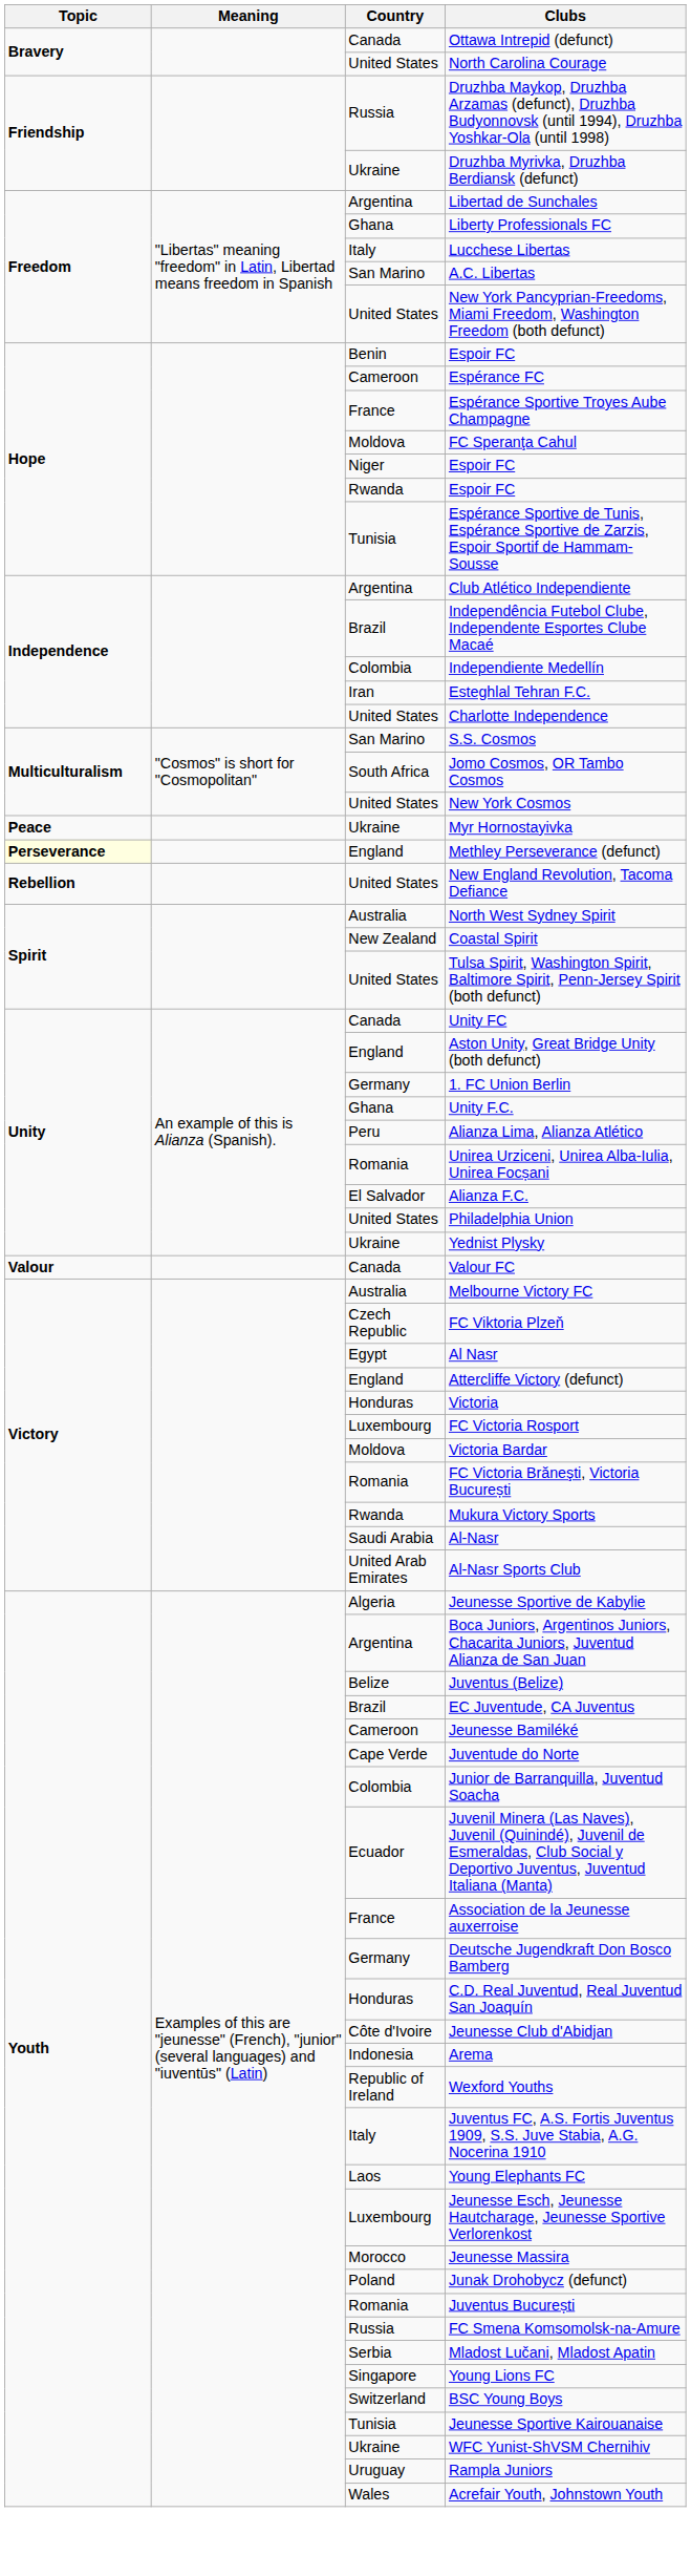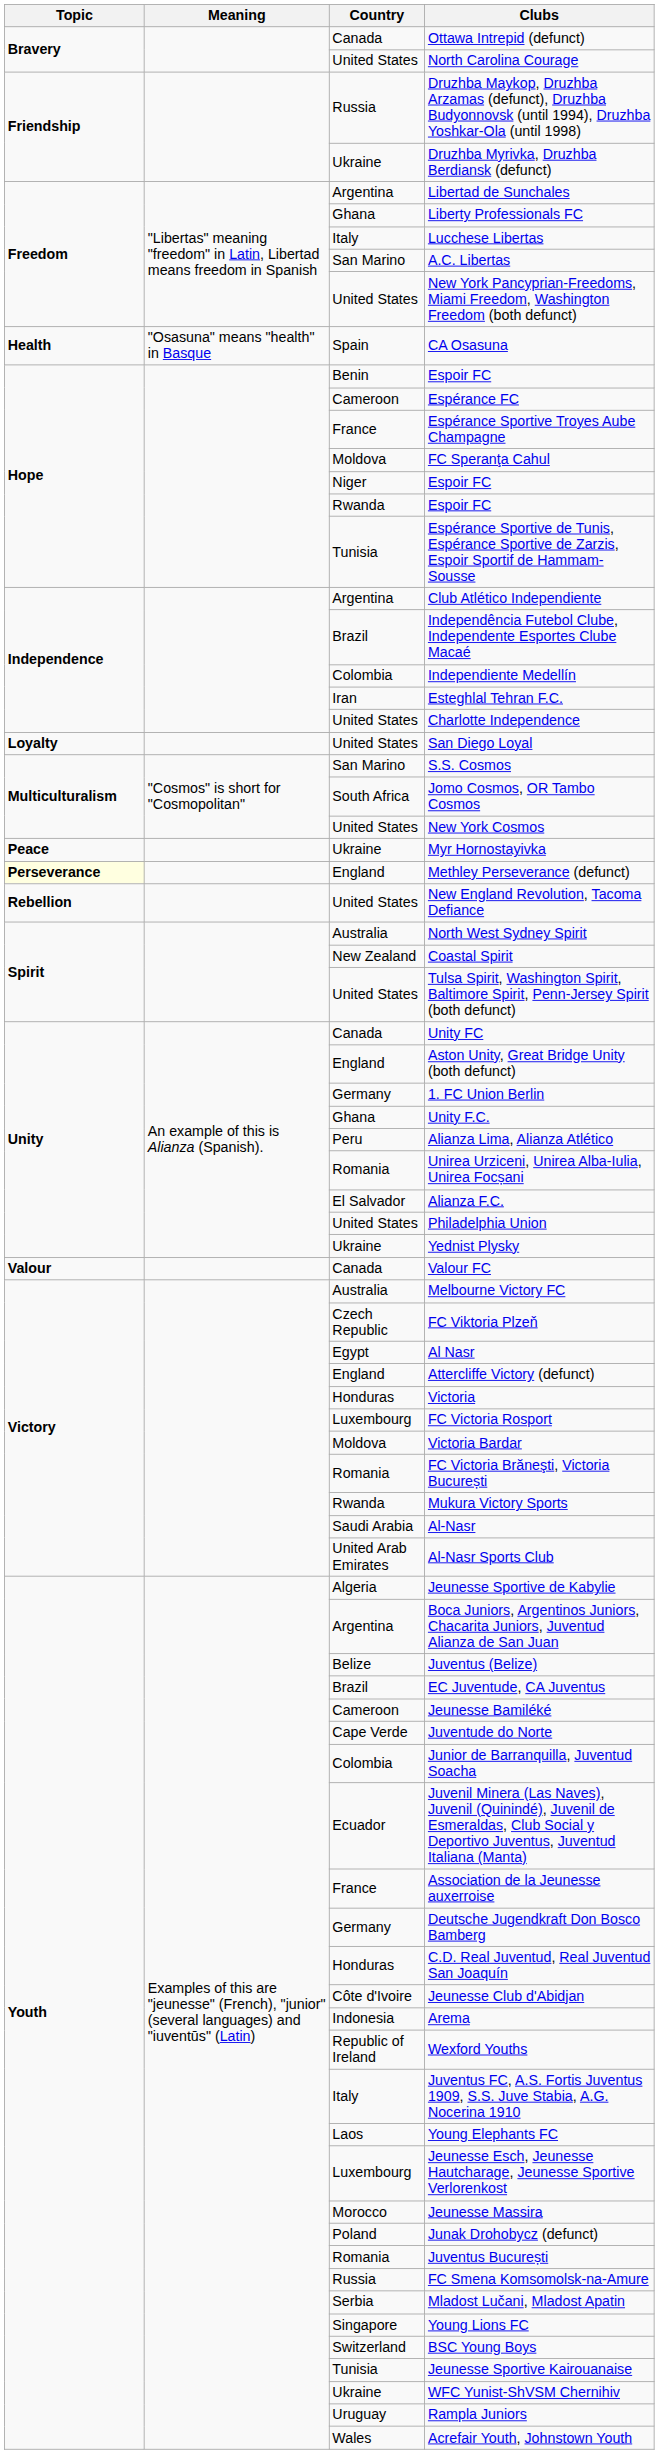 <table class="wikitable">
 <tr>
 <th width="150">Topic</th>
 <th width="200">Meaning</th>
 <th width="100">Country</th>
 <th width="250">Clubs</th>
 </tr>
 <tr>
 <td rowspan=2><strong>Bravery</strong></td>
 <td rowspan=2></td>
 <td> Canada</td>
 <td><a href='#'>Ottawa Intrepid</a> (defunct)</td>
 </tr>
 <tr>
 <td> United States</td>
 <td><a href='#'>North Carolina Courage</a></td>
 </tr>
 <tr>
 <td rowspan=2><strong>Friendship</strong></td>
 <td rowspan=2></td>
 <td> Russia</td>
 <td><a href='#'>Druzhba Maykop</a>, <a href='#'>Druzhba Arzamas</a> (defunct), <a href='#'>Druzhba Budyonnovsk</a> (until 1994), <a href='#'>Druzhba Yoshkar-Ola</a> (until 1998)</td>
 </tr>
 <tr>
 <td> Ukraine</td>
 <td><a href='#'>Druzhba Myrivka</a>, <a href='#'>Druzhba Berdiansk</a> (defunct)</td>
 </tr>
 <tr>
 <td rowspan="5"><strong>Freedom</strong></td>
 <td rowspan="5">"Libertas" meaning "freedom" in <a href='#'>Latin</a>, Libertad means freedom in Spanish</td>
 <td> Argentina</td>
 <td><a href='#'>Libertad de Sunchales</a></td>
 </tr>
 <tr>
 <td> Ghana</td>
 <td><a href='#'>Liberty Professionals FC</a></td>
 </tr>
 <tr>
 <td> Italy</td>
 <td><a href='#'>Lucchese Libertas</a></td>
 </tr>
 <tr>
 <td> San Marino</td>
 <td><a href='#'>A.C. Libertas</a></td>
 </tr>
 <tr>
 <td> United States</td>
 <td><a href='#'>New York Pancyprian-Freedoms</a>, <a href='#'>Miami Freedom</a>, <a href='#'>Washington Freedom</a> (both defunct)</td>
+</tr>
+<tr>
+<td><strong>Health</strong></td>
+<td>"Osasuna" means "health" in <a href='#'>Basque</a></td>
+<td> Spain</td>
+<td><a href='#'>CA Osasuna</a></td>
 </tr>
 <tr>
 <td rowspan="7"><strong>Hope</strong></td>
 <td rowspan="7"></td>
 <td> Benin</td>
 <td><a href='#'>Espoir FC</a></td>
 </tr>
 <tr>
 <td> Cameroon</td>
 <td><a href='#'>Espérance FC</a></td>
 </tr>
 <tr>
 <td> France</td>
 <td><a href='#'>Espérance Sportive Troyes Aube Champagne</a></td>
 </tr>
 <tr>
 <td> Moldova</td>
 <td><a href='#'>FC Speranţa Cahul</a></td>
 </tr>
 <tr>
 <td> Niger</td>
 <td><a href='#'>Espoir FC</a></td>
 </tr>
 <tr>
 <td> Rwanda</td>
 <td><a href='#'>Espoir FC</a></td>
 </tr>
 <tr>
 <td> Tunisia</td>
 <td><a href='#'>Espérance Sportive de Tunis</a>, <a href='#'>Espérance Sportive de Zarzis</a>, <a href='#'>Espoir Sportif de Hammam-Sousse</a></td>
 </tr>
 <tr>
 <td rowspan="5"><strong>Independence</strong></td>
 <td rowspan="5"></td>
 <td> Argentina</td>
 <td><a href='#'>Club Atlético Independiente</a></td>
 </tr>
 <tr>
 <td> Brazil</td>
 <td><a href='#'>Independência Futebol Clube</a>, <a href='#'>Independente Esportes Clube Macaé</a></td>
 </tr>
 <tr>
 <td> Colombia</td>
 <td><a href='#'>Independiente Medellín</a></td>
 </tr>
 <tr>
 <td> Iran</td>
 <td><a href='#'>Esteghlal Tehran F.C.</a></td>
 </tr>
 <tr>
 <td> United States</td>
 <td><a href='#'>Charlotte Independence</a></td>
+</tr>
+<tr>
+<td><strong>Loyalty</strong></td>
+<td></td>
+<td> United States</td>
+<td><a href='#'>San Diego Loyal</a></td>
 </tr>
 <tr>
 <td rowspan="3"><strong>Multiculturalism</strong></td>
 <td rowspan="3">"Cosmos" is short for "Cosmopolitan"</td>
 <td> San Marino</td>
 <td><a href='#'>S.S. Cosmos</a></td>
 </tr>
 <tr>
 <td> South Africa</td>
 <td><a href='#'>Jomo Cosmos</a>, <a href='#'>OR Tambo Cosmos</a></td>
 </tr>
 <tr>
 <td> United States</td>
 <td><a href='#'>New York Cosmos</a></td>
 </tr>
 <tr>
 <td><strong>Peace</strong></td>
 <td></td>
 <td> Ukraine</td>
 <td><a href='#'>Myr Hornostayivka</a></td>
 </tr>
 <tr>
 <td style="background: lightyellow;"><strong>Perseverance</strong></td>
 <td></td>
 <td> England</td>
 <td><a href='#'>Methley Perseverance</a> (defunct)</td>
 </tr>
 <tr>
 <td><strong>Rebellion</strong></td>
 <td></td>
 <td> United States</td>
 <td><a href='#'>New England Revolution</a>, <a href='#'>Tacoma Defiance</a></td>
 </tr>
 <tr>
 <td rowspan="3"><strong>Spirit</strong></td>
 <td rowspan="3"></td>
 <td> Australia</td>
 <td><a href='#'>North West Sydney Spirit</a></td>
 </tr>
 <tr>
 <td> New Zealand</td>
 <td><a href='#'>Coastal Spirit</a></td>
 </tr>
 <tr>
 <td> United States</td>
 <td><a href='#'>Tulsa Spirit</a>, <a href='#'>Washington Spirit</a>, <a href='#'>Baltimore Spirit</a>, <a href='#'>Penn-Jersey Spirit</a> (both defunct)</td>
 </tr>
 <tr>
 <td rowspan="9"><strong>Unity</strong></td>
 <td rowspan="9">An example of this is <em>Alianza</em> (Spanish).</td>
 <td> Canada</td>
 <td><a href='#'>Unity FC</a></td>
 </tr>
 <tr>
 <td> England</td>
 <td><a href='#'>Aston Unity</a>, <a href='#'>Great Bridge Unity</a> (both defunct)</td>
 </tr>
 <tr>
 <td> Germany</td>
 <td><a href='#'>1. FC Union Berlin</a></td>
 </tr>
 <tr>
 <td> Ghana</td>
 <td><a href='#'>Unity F.C.</a></td>
 </tr>
 <tr>
 <td> Peru</td>
 <td><a href='#'>Alianza Lima</a>, <a href='#'>Alianza Atlético</a></td>
 </tr>
 <tr>
 <td> Romania</td>
 <td><a href='#'>Unirea Urziceni</a>, <a href='#'>Unirea Alba-Iulia</a>, <a href='#'>Unirea Focșani</a></td>
 </tr>
 <tr>
 <td> El Salvador</td>
 <td><a href='#'>Alianza F.C.</a></td>
 </tr>
 <tr>
 <td> United States</td>
 <td><a href='#'>Philadelphia Union</a></td>
 </tr>
 <tr>
 <td> Ukraine</td>
 <td><a href='#'>Yednist Plysky</a></td>
 </tr>
 <tr>
 <td><strong>Valour</strong></td>
 <td></td>
 <td> Canada</td>
 <td><a href='#'>Valour FC</a></td>
 </tr>
 <tr>
 <td rowspan="11"><strong>Victory</strong></td>
 <td rowspan="11"></td>
 <td> Australia</td>
 <td style="test-align: left"><a href='#'>Melbourne Victory FC</a></td>
 </tr>
 <tr>
 <td> Czech Republic</td>
 <td style="test-align: left"><a href='#'>FC Viktoria Plzeň</a></td>
 </tr>
 <tr>
 <td> Egypt</td>
 <td><a href='#'>Al Nasr</a></td>
 </tr>
 <tr>
 <td> England</td>
 <td><a href='#'>Attercliffe Victory</a> (defunct)</td>
 </tr>
 <tr>
 <td> Honduras</td>
 <td style="test-align: left"><a href='#'>Victoria</a></td>
 </tr>
 <tr>
 <td> Luxembourg</td>
 <td style="test-align: left"><a href='#'>FC Victoria Rosport</a></td>
 </tr>
 <tr>
 <td> Moldova</td>
 <td style="test-align: left"><a href='#'>Victoria Bardar</a></td>
 </tr>
 <tr>
 <td> Romania</td>
 <td style="test-align: left"><a href='#'>FC Victoria Brăneşti</a>, <a href='#'>Victoria București</a></td>
 </tr>
 <tr>
 <td> Rwanda</td>
 <td><a href='#'>Mukura Victory Sports</a></td>
 </tr>
 <tr>
 <td> Saudi Arabia</td>
 <td><a href='#'>Al-Nasr</a></td>
 </tr>
 <tr>
 <td> United Arab Emirates</td>
 <td><a href='#'>Al-Nasr Sports Club</a></td>
 </tr>
 <tr>
 <td rowspan="28"><strong>Youth</strong></td>
 <td rowspan="28">Examples of this are "jeunesse" (French), "junior" (several languages) and "iuventūs" (<a href='#'>Latin</a>)</td>
 <td> Algeria</td>
 <td><a href='#'>Jeunesse Sportive de Kabylie</a></td>
 </tr>
 <tr>
 <td> Argentina</td>
 <td><a href='#'>Boca Juniors</a>, <a href='#'>Argentinos Juniors</a>, <a href='#'>Chacarita Juniors</a>, <a href='#'>Juventud Alianza de San Juan</a></td>
 </tr>
 <tr>
 <td> Belize</td>
 <td><a href='#'>Juventus (Belize)</a></td>
 </tr>
 <tr>
 <td> Brazil</td>
 <td><a href='#'>EC Juventude</a>, <a href='#'>CA Juventus</a></td>
 </tr>
 <tr>
 <td> Cameroon</td>
 <td><a href='#'>Jeunesse Bamiléké</a></td>
 </tr>
 <tr>
 <td> Cape Verde</td>
 <td><a href='#'>Juventude do Norte</a></td>
 </tr>
 <tr>
 <td> Colombia</td>
 <td><a href='#'>Junior de Barranquilla</a>, <a href='#'>Juventud Soacha</a></td>
 </tr>
 <tr>
 <td> Ecuador</td>
 <td><a href='#'>Juvenil Minera (Las Naves)</a>, <a href='#'>Juvenil (Quinindé)</a>, <a href='#'>Juvenil de Esmeraldas</a>, <a href='#'>Club Social y Deportivo Juventus</a>, <a href='#'>Juventud Italiana (Manta)</a></td>
 </tr>
 <tr>
 <td> France</td>
 <td><a href='#'>Association de la Jeunesse auxerroise</a></td>
 </tr>
 <tr>
 <td> Germany</td>
 <td><a href='#'>Deutsche Jugendkraft Don Bosco Bamberg</a></td>
 </tr>
 <tr>
 <td> Honduras</td>
 <td><a href='#'>C.D. Real Juventud</a>, <a href='#'>Real Juventud San Joaquín</a></td>
 </tr>
 <tr>
 <td> Côte d'Ivoire</td>
 <td><a href='#'>Jeunesse Club d'Abidjan</a></td>
 </tr>
 <tr>
 <td> Indonesia</td>
 <td><a href='#'>Arema</a></td>
 </tr>
 <tr>
 <td> Republic of Ireland</td>
 <td><a href='#'>Wexford Youths</a></td>
 </tr>
 <tr>
 <td> Italy</td>
 <td><a href='#'>Juventus FC</a>, <a href='#'>A.S. Fortis Juventus 1909</a>, <a href='#'>S.S. Juve Stabia</a>, <a href='#'>A.G. Nocerina 1910</a></td>
 </tr>
 <tr>
 <td> Laos</td>
 <td><a href='#'>Young Elephants FC</a></td>
 </tr>
 <tr>
 <td> Luxembourg</td>
 <td><a href='#'>Jeunesse Esch</a>, <a href='#'>Jeunesse Hautcharage</a>, <a href='#'>Jeunesse Sportive Verlorenkost</a></td>
 </tr>
 <tr>
 <td> Morocco</td>
 <td><a href='#'>Jeunesse Massira</a></td>
 </tr>
 <tr>
 <td> Poland</td>
 <td><a href='#'>Junak Drohobycz</a> (defunct)</td>
 </tr>
 <tr>
 <td> Romania</td>
 <td><a href='#'>Juventus București</a></td>
 </tr>
 <tr>
 <td> Russia</td>
 <td><a href='#'>FC Smena Komsomolsk-na-Amure</a></td>
 </tr>
 <tr>
 <td> Serbia</td>
 <td><a href='#'>Mladost Lučani</a>, <a href='#'>Mladost Apatin</a></td>
 </tr>
 <tr>
 <td> Singapore</td>
 <td><a href='#'>Young Lions FC</a></td>
 </tr>
 <tr>
 <td> Switzerland</td>
 <td><a href='#'>BSC Young Boys</a></td>
 </tr>
 <tr>
 <td> Tunisia</td>
 <td><a href='#'>Jeunesse Sportive Kairouanaise</a></td>
 </tr>
 <tr>
 <td> Ukraine</td>
 <td><a href='#'>WFC Yunist-ShVSM Chernihiv</a></td>
 </tr>
 <tr>
 <td> Uruguay</td>
 <td><a href='#'>Rampla Juniors</a></td>
 </tr>
 <tr>
 <td> Wales</td>
 <td><a href='#'>Acrefair Youth</a>, <a href='#'>Johnstown Youth</a></td>
 </tr>
 </table>
